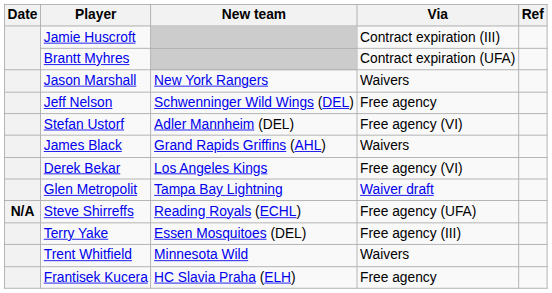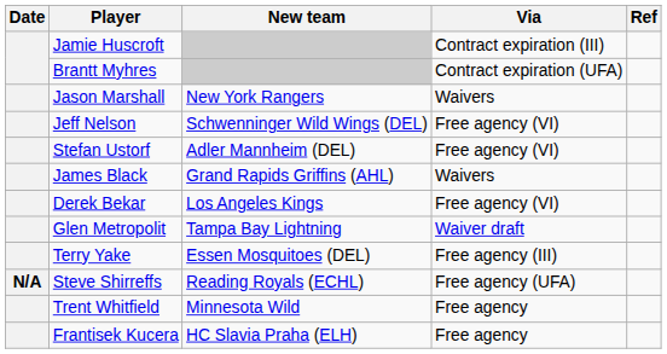 <table class="wikitable plainrowheaders">
 <tr style="background:#ddd; text-align:center;">
 <th>Date</th>
 <th>Player</th>
 <th>New team</th>
 <th>Via</th>
 <th>Ref</th>
 </tr>
 <tr>
 <th scope="row" rowspan=2></th>
 <td><a href='#'>Jamie Huscroft</a></td>
 <td style="background:#ccc"></td>
 <td>Contract expiration (III)</td>
 <td></td>
 </tr>
 <tr>
 <td><a href='#'>Brantt Myhres</a></td>
 <td style="background:#ccc"></td>
 <td>Contract expiration (UFA)</td>
 <td></td>
 </tr>
 <tr>
 <th scope="row"></th>
 <td><a href='#'>Jason Marshall</a></td>
 <td><a href='#'>New York Rangers</a></td>
 <td>Waivers</td>
 <td></td>
 </tr>
 <tr>
 <th scope="row"></th>
 <td><a href='#'>Jeff Nelson</a></td>
 <td><a href='#'>Schwenninger Wild Wings</a> (<a href='#'>DEL</a>)</td>
-<td>Free agency</td>
+<td>Free agency (VI)</td>
 <td></td>
 </tr>
 <tr>
 <th scope="row"></th>
 <td><a href='#'>Stefan Ustorf</a></td>
 <td><a href='#'>Adler Mannheim</a> (DEL)</td>
 <td>Free agency (VI)</td>
 <td></td>
 </tr>
 <tr>
 <th scope="row"></th>
 <td><a href='#'>James Black</a></td>
 <td><a href='#'>Grand Rapids Griffins</a> (<a href='#'>AHL</a>)</td>
 <td>Waivers</td>
 <td></td>
 </tr>
 <tr>
 <th scope="row"></th>
 <td><a href='#'>Derek Bekar</a></td>
 <td><a href='#'>Los Angeles Kings</a></td>
 <td>Free agency (VI)</td>
 <td></td>
 </tr>
 <tr>
 <th scope="row"></th>
 <td><a href='#'>Glen Metropolit</a></td>
 <td><a href='#'>Tampa Bay Lightning</a></td>
 <td><a href='#'>Waiver draft</a></td>
 <td></td>
 </tr>
 <tr>
+<th scope="row"></th>
+<td><a href='#'>Terry Yake</a></td>
+<td><a href='#'>Essen Mosquitoes</a> (DEL)</td>
+<td>Free agency (III)</td>
+<td></td>
+</tr>
+<tr>
 <th scope="row">N/A</th>
 <td><a href='#'>Steve Shirreffs</a></td>
 <td><a href='#'>Reading Royals</a> (<a href='#'>ECHL</a>)</td>
 <td>Free agency (UFA)</td>
 <td></td>
 </tr>
 <tr>
 <th scope="row"></th>
-<td><a href='#'>Terry Yake</a></td>
-<td><a href='#'>Essen Mosquitoes</a> (DEL)</td>
-<td>Free agency (III)</td>
-<td></td>
-</tr>
-<tr>
-<th scope="row"></th>
 <td><a href='#'>Trent Whitfield</a></td>
 <td><a href='#'>Minnesota Wild</a></td>
-<td>Waivers</td>
+<td>Free agency</td>
 <td></td>
 </tr>
 <tr>
 <th scope="row"></th>
 <td><a href='#'>Frantisek Kucera</a></td>
 <td><a href='#'>HC Slavia Praha</a> (<a href='#'>ELH</a>)</td>
 <td>Free agency</td>
 <td></td>
 </tr>
 </table>
